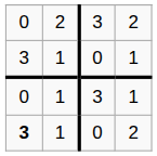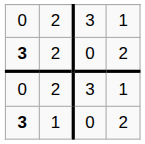 <table class="wikitable" style="margin-left:auto;margin-right:auto;text-align:center;width:8em;height:8em;table-layout:fixed;">
 <tr>
 </tr>
 <tr>
 <td>0</td>
 <td style="border-right:solid">2</td>
 <td>3</td>
+<td>1</td>
+</tr>
+<tr>
+<td><strong>3</strong></td>
+<td style="border-right:solid">2</td>
+<td>0</td>
 <td>2</td>
 </tr>
 <tr>
-<td>3</td>
-<td style="border-right:solid">1</td>
-<td>0</td>
-<td>1</td>
-</tr>
-<tr>
 <td style="border-top:solid">0</td>
-<td style="border-top:solid;border-right:solid">1</td>
+<td style="border-top:solid;border-right:solid">2</td>
 <td style="border-top:solid">3</td>
 <td style="border-top:solid">1</td>
 </tr>
 <tr>
 <td><strong>3</strong></td>
 <td style="border-right:solid">1</td>
 <td>0</td>
 <td>2</td>
 </tr>
 </table>
